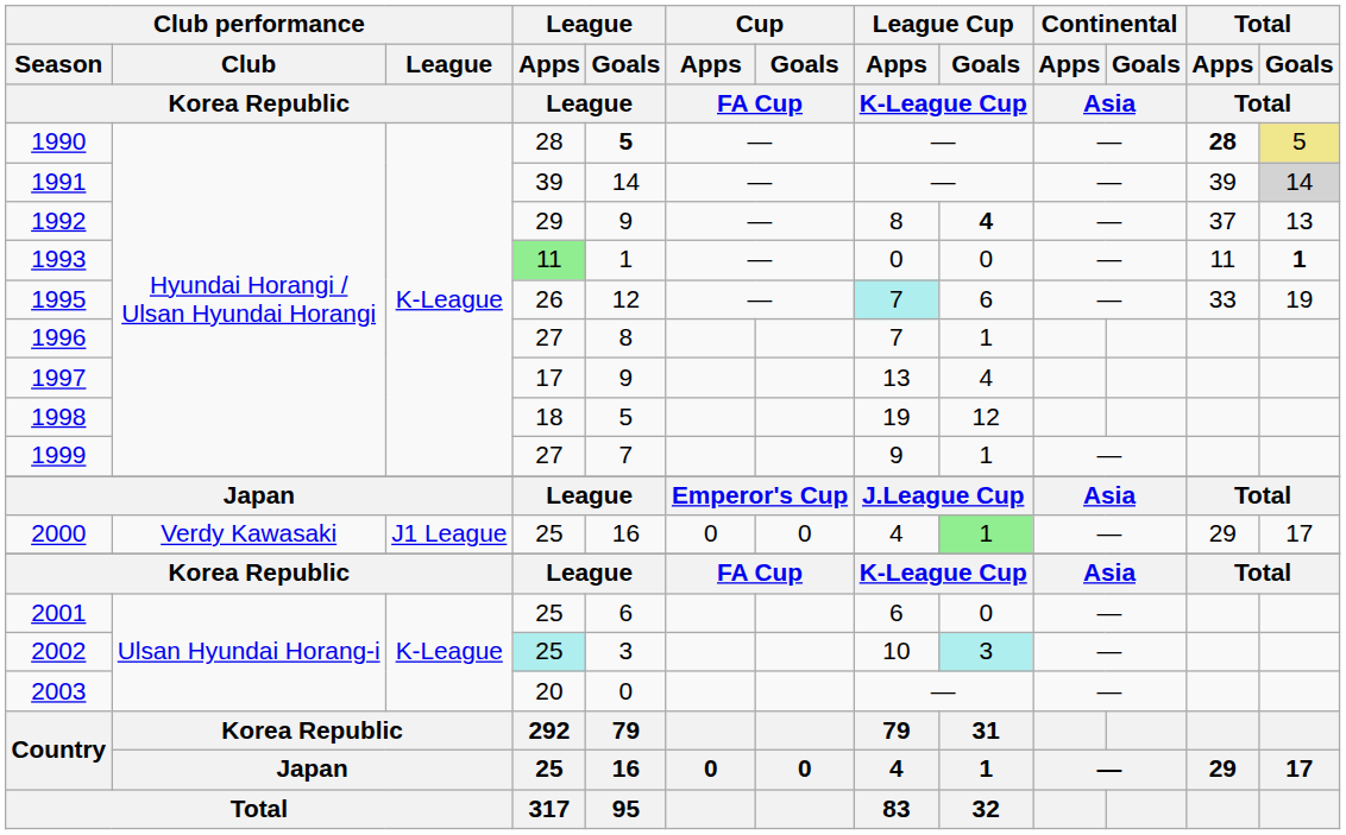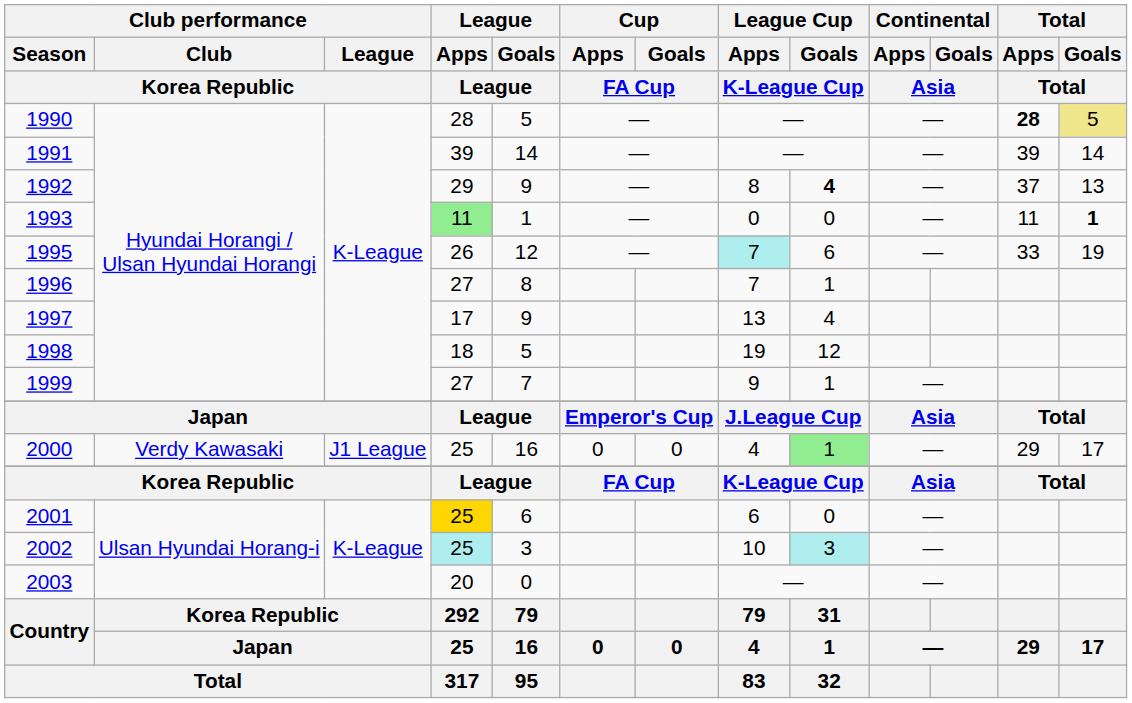 <table class="wikitable" style="text-align:center;">
 <tr>
 <th colspan=3>Club performance</th>
 <th colspan=2>League</th>
 <th colspan=2>Cup</th>
 <th colspan=2>League Cup</th>
 <th colspan=2>Continental</th>
 <th colspan=2>Total</th>
 </tr>
 <tr>
 <th>Season</th>
 <th>Club</th>
 <th>League</th>
 <th>Apps</th>
 <th>Goals</th>
 <th>Apps</th>
 <th>Goals</th>
 <th>Apps</th>
 <th>Goals</th>
 <th>Apps</th>
 <th>Goals</th>
 <th>Apps</th>
 <th>Goals</th>
 </tr>
 <tr>
 <th colspan=3>Korea Republic</th>
 <th colspan=2>League</th>
 <th colspan=2><a href='#'>FA Cup</a></th>
 <th colspan=2><a href='#'>K-League Cup</a></th>
 <th colspan=2><a href='#'>Asia</a></th>
 <th colspan=2>Total</th>
 </tr>
 <tr>
 <td><a href='#'>1990</a></td>
 <td rowspan=9><a href='#'>Hyundai Horangi / <br>Ulsan Hyundai Horangi</a></td>
 <td rowspan=9><a href='#'>K-League</a></td>
 <td>28</td>
-<td><strong>5</strong></td>
+<td>5</td>
 <td colspan=2>—</td>
 <td colspan=2>—</td>
 <td colspan=2>—</td>
 <td><strong>28</strong></td>
 <td style="background: khaki;">5</td>
 </tr>
 <tr>
 <td><a href='#'>1991</a></td>
 <td>39</td>
 <td>14</td>
 <td colspan=2>—</td>
 <td colspan=2>—</td>
 <td colspan=2>—</td>
 <td>39</td>
-<td style="background: lightgrey;">14</td>
+<td>14</td>
 </tr>
 <tr>
 <td><a href='#'>1992</a></td>
 <td>29</td>
 <td>9</td>
 <td colspan=2>—</td>
 <td>8</td>
 <td><strong>4</strong></td>
 <td colspan=2>—</td>
 <td>37</td>
 <td>13</td>
 </tr>
 <tr>
 <td><a href='#'>1993</a></td>
 <td style="background: lightgreen;">11</td>
 <td>1</td>
 <td colspan=2>—</td>
 <td>0</td>
 <td>0</td>
 <td colspan=2>—</td>
 <td>11</td>
 <td><strong>1</strong></td>
 </tr>
 <tr>
 <td><a href='#'>1995</a></td>
 <td>26</td>
 <td>12</td>
 <td colspan=2>—</td>
 <td style="background: paleturquoise;">7</td>
 <td>6</td>
 <td colspan=2>—</td>
 <td>33</td>
 <td>19</td>
 </tr>
 <tr>
 <td><a href='#'>1996</a></td>
 <td>27</td>
 <td>8</td>
 <td></td>
 <td></td>
 <td>7</td>
 <td>1</td>
 <td></td>
 <td></td>
 <td></td>
 <td></td>
 </tr>
 <tr>
 <td><a href='#'>1997</a></td>
 <td>17</td>
 <td>9</td>
 <td></td>
 <td></td>
 <td>13</td>
 <td>4</td>
 <td></td>
 <td></td>
 <td></td>
 <td></td>
 </tr>
 <tr>
 <td><a href='#'>1998</a></td>
 <td>18</td>
 <td>5</td>
 <td></td>
 <td></td>
 <td>19</td>
 <td>12</td>
 <td></td>
 <td></td>
 <td></td>
 <td></td>
 </tr>
 <tr>
 <td><a href='#'>1999</a></td>
 <td>27</td>
 <td>7</td>
 <td></td>
 <td></td>
 <td>9</td>
 <td>1</td>
 <td colspan=2>—</td>
 <td></td>
 <td></td>
 </tr>
 <tr>
 </tr>
 <tr>
 <th colspan=3>Japan</th>
 <th colspan=2>League</th>
 <th colspan=2><a href='#'>Emperor's Cup</a></th>
 <th colspan=2><a href='#'>J.League Cup</a></th>
 <th colspan=2><a href='#'>Asia</a></th>
 <th colspan=2>Total</th>
 </tr>
 <tr>
 <td><a href='#'>2000</a></td>
 <td><a href='#'>Verdy Kawasaki</a></td>
 <td><a href='#'>J1 League</a></td>
 <td>25</td>
 <td>16</td>
 <td>0</td>
 <td>0</td>
 <td>4</td>
 <td style="background: lightgreen;">1</td>
 <td colspan=2>—</td>
 <td>29</td>
 <td>17</td>
 </tr>
 <tr>
 </tr>
 <tr>
 <th colspan=3>Korea Republic</th>
 <th colspan=2>League</th>
 <th colspan=2><a href='#'>FA Cup</a></th>
 <th colspan=2><a href='#'>K-League Cup</a></th>
 <th colspan=2><a href='#'>Asia</a></th>
 <th colspan=2>Total</th>
 </tr>
 <tr>
 <td><a href='#'>2001</a></td>
 <td rowspan=3><a href='#'>Ulsan Hyundai Horang-i</a></td>
 <td rowspan=3><a href='#'>K-League</a></td>
-<td>25</td>
+<td style="background: gold;">25</td>
 <td>6</td>
 <td></td>
 <td></td>
 <td>6</td>
 <td>0</td>
 <td colspan=2>—</td>
 <td></td>
 <td></td>
 </tr>
 <tr>
 <td><a href='#'>2002</a></td>
 <td style="background: paleturquoise;">25</td>
 <td>3</td>
 <td></td>
 <td></td>
 <td>10</td>
 <td style="background: paleturquoise;">3</td>
 <td colspan=2>—</td>
 <td></td>
 <td></td>
 </tr>
 <tr>
 <td><a href='#'>2003</a></td>
 <td>20</td>
 <td>0</td>
 <td></td>
 <td></td>
 <td colspan=2>—</td>
 <td colspan=2>—</td>
 <td></td>
 <td></td>
 </tr>
 <tr>
 <th rowspan=2>Country</th>
 <th colspan=2>Korea Republic</th>
 <th>292</th>
 <th>79</th>
 <th></th>
 <th></th>
 <th>79</th>
 <th>31</th>
 <th></th>
 <th></th>
 <th></th>
 <th></th>
 </tr>
 <tr>
 <th colspan=2>Japan</th>
 <th>25</th>
 <th>16</th>
 <th>0</th>
 <th>0</th>
 <th>4</th>
 <th>1</th>
 <th colspan=2>—</th>
 <th>29</th>
 <th>17</th>
 </tr>
 <tr>
 <th colspan=3>Total</th>
 <th>317</th>
 <th>95</th>
 <th></th>
 <th></th>
 <th>83</th>
 <th>32</th>
 <th></th>
 <th></th>
 <th></th>
 <th></th>
 </tr>
 </table>
